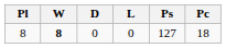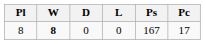 <table class="wikitable" style="text-align:center">
 <tr>
 <th width="40">Pl</th>
 <th width="40">W</th>
 <th width="40">D</th>
 <th width="40">L</th>
 <th width="40">Ps</th>
 <th width="40">Pc</th>
 </tr>
 <tr>
 <td>8</td>
 <td><strong>8</strong></td>
 <td>0</td>
 <td>0</td>
-<td>127</td>
-<td>18</td>
+<td>167</td>
+<td>17</td>
 </tr>
 </table>
